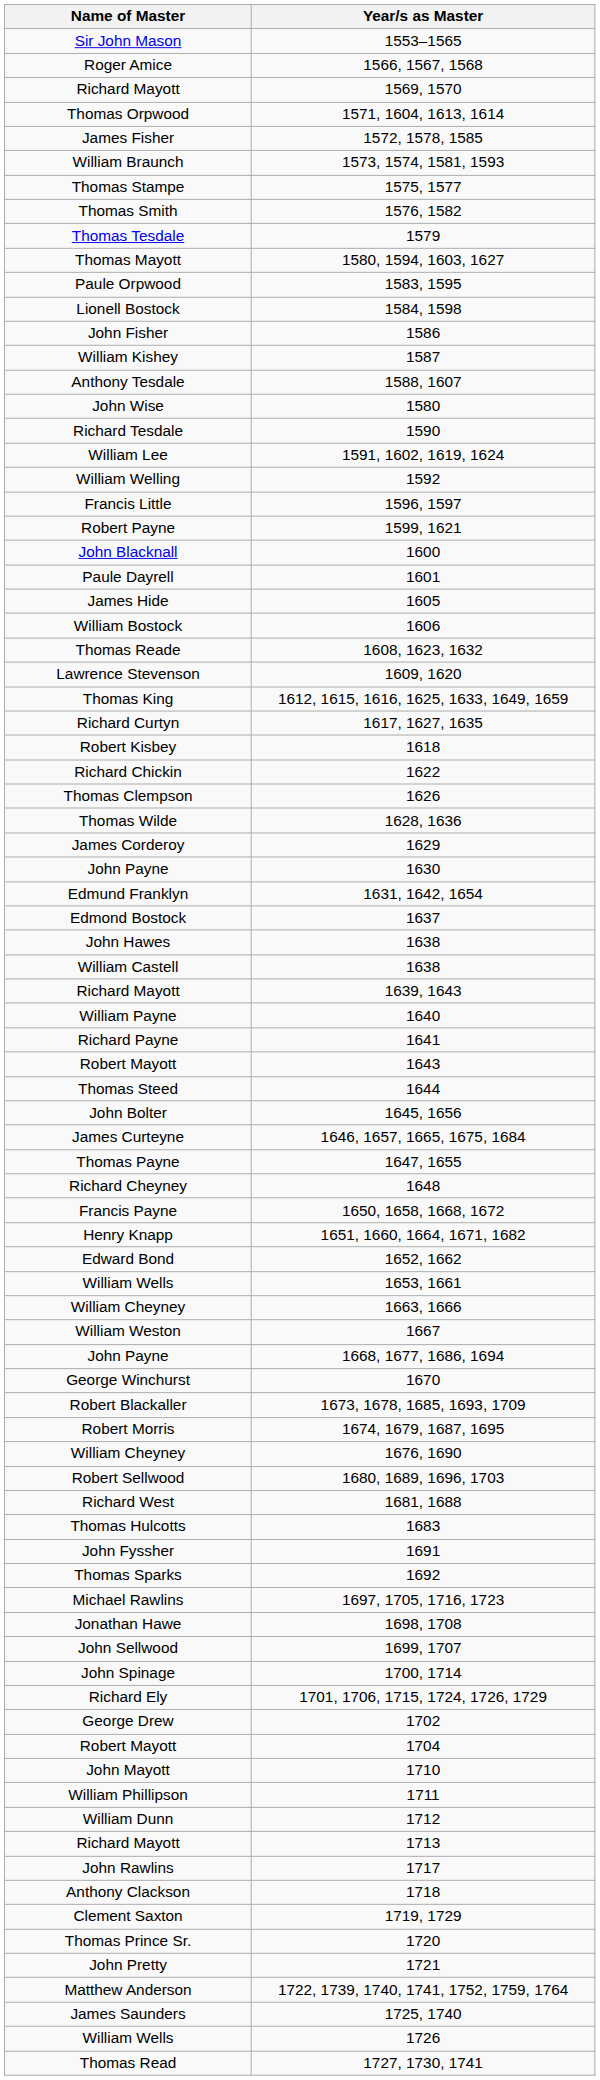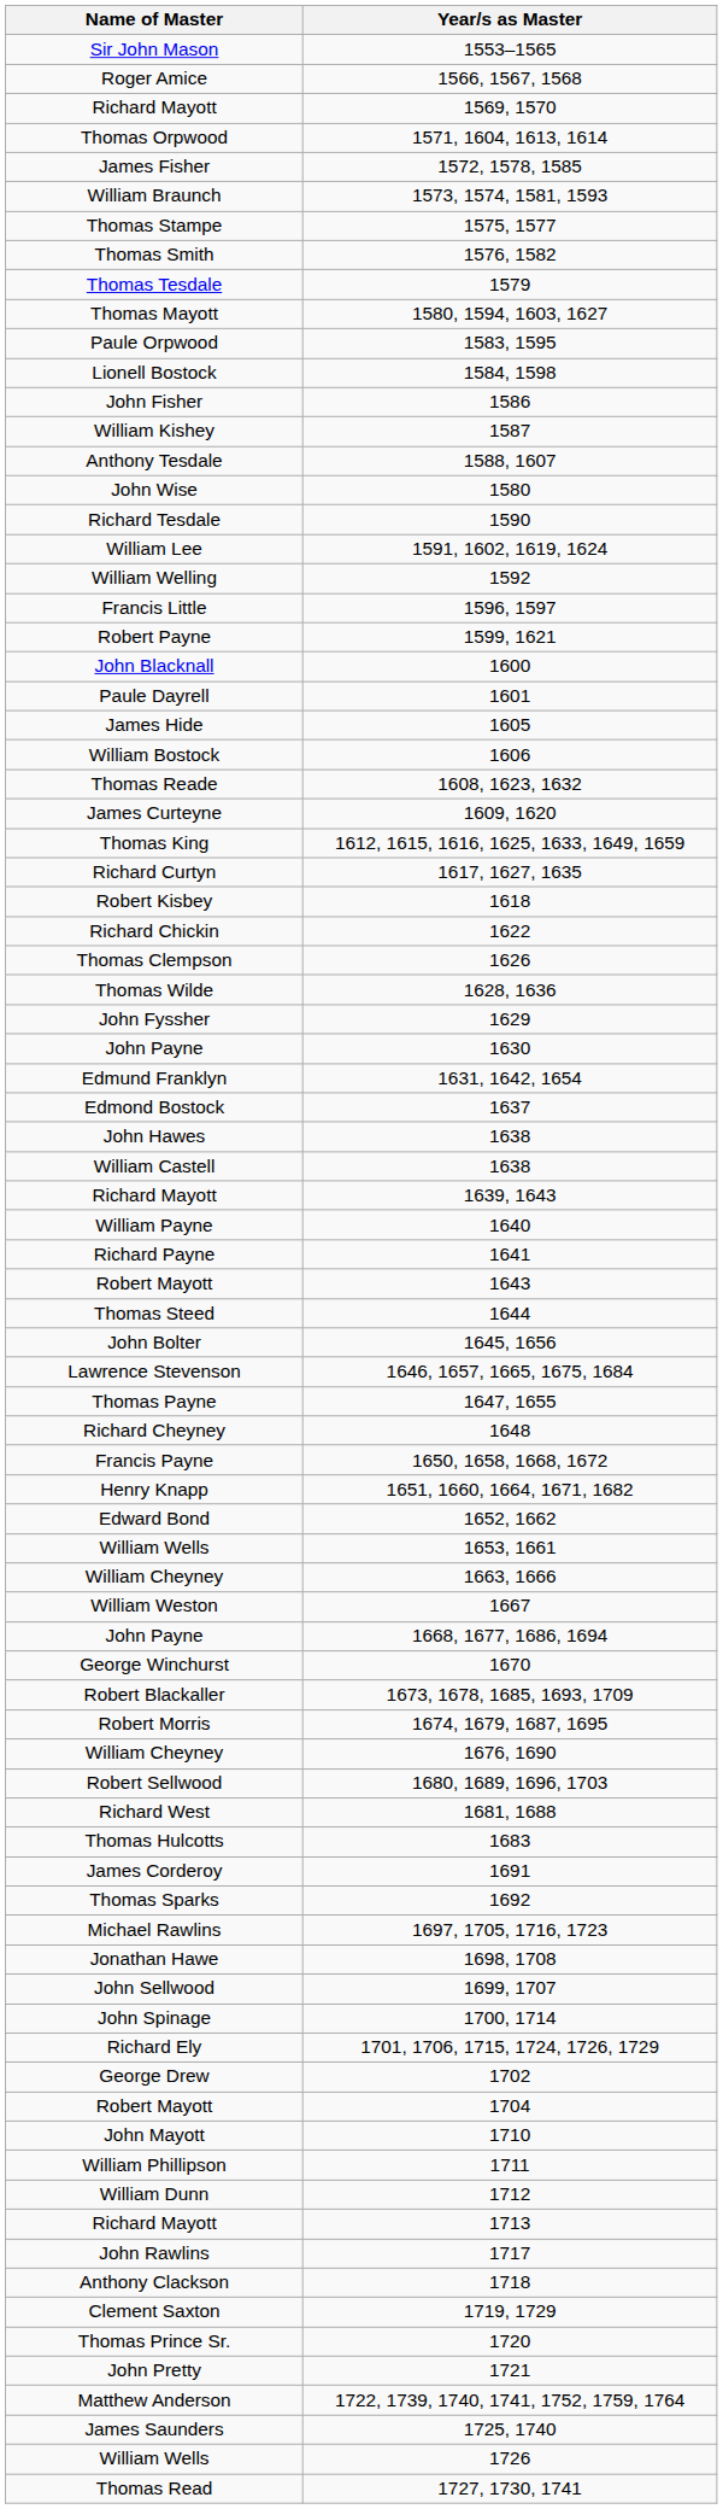 <table class="wikitable collapsible collapsed" style="text-align:center">
 <tr>
 <th width=250>Name of Master</th>
 <th width=350>Year/s as Master</th>
 </tr>
 <tr>
 <td><a href='#'>Sir John Mason</a></td>
 <td>1553–1565</td>
 </tr>
 <tr>
 <td>Roger Amice</td>
 <td>1566, 1567, 1568</td>
 </tr>
 <tr>
 <td>Richard Mayott</td>
 <td>1569, 1570</td>
 </tr>
 <tr>
 <td>Thomas Orpwood</td>
 <td>1571, 1604, 1613, 1614</td>
 </tr>
 <tr>
 <td>James Fisher</td>
 <td>1572, 1578, 1585</td>
 </tr>
 <tr>
 <td>William Braunch</td>
 <td>1573, 1574, 1581, 1593</td>
 </tr>
 <tr>
 <td>Thomas Stampe</td>
 <td>1575, 1577</td>
 </tr>
 <tr>
 <td>Thomas Smith</td>
 <td>1576, 1582</td>
 </tr>
 <tr>
 <td><a href='#'>Thomas Tesdale</a></td>
 <td>1579</td>
 </tr>
 <tr>
 <td>Thomas Mayott</td>
 <td>1580, 1594, 1603, 1627</td>
 </tr>
 <tr>
 <td>Paule Orpwood</td>
 <td>1583, 1595</td>
 </tr>
 <tr>
 <td>Lionell Bostock</td>
 <td>1584, 1598</td>
 </tr>
 <tr>
 <td>John Fisher</td>
 <td>1586</td>
 </tr>
 <tr>
 <td>William Kishey</td>
 <td>1587</td>
 </tr>
 <tr>
 <td>Anthony Tesdale</td>
 <td>1588, 1607</td>
 </tr>
 <tr>
 <td>John Wise</td>
 <td>1580</td>
 </tr>
 <tr>
 <td>Richard Tesdale</td>
 <td>1590</td>
 </tr>
 <tr>
 <td>William Lee</td>
 <td>1591, 1602, 1619, 1624</td>
 </tr>
 <tr>
 <td>William Welling</td>
 <td>1592</td>
 </tr>
 <tr>
 <td>Francis Little</td>
 <td>1596, 1597</td>
 </tr>
 <tr>
 <td>Robert Payne</td>
 <td>1599, 1621</td>
 </tr>
 <tr>
 <td><a href='#'>John Blacknall</a></td>
 <td>1600</td>
 </tr>
 <tr>
 <td>Paule Dayrell</td>
 <td>1601</td>
 </tr>
 <tr>
 <td>James Hide</td>
 <td>1605</td>
 </tr>
 <tr>
 <td>William Bostock</td>
 <td>1606</td>
 </tr>
 <tr>
 <td>Thomas Reade</td>
 <td>1608, 1623, 1632</td>
 </tr>
 <tr>
-<td>Lawrence Stevenson</td>
+<td>James Curteyne</td>
 <td>1609, 1620</td>
 </tr>
 <tr>
 <td>Thomas King</td>
 <td>1612, 1615, 1616, 1625, 1633, 1649, 1659</td>
 </tr>
 <tr>
 <td>Richard Curtyn</td>
 <td>1617, 1627, 1635</td>
 </tr>
 <tr>
 <td>Robert Kisbey</td>
 <td>1618</td>
 </tr>
 <tr>
 <td>Richard Chickin</td>
 <td>1622</td>
 </tr>
 <tr>
 <td>Thomas Clempson</td>
 <td>1626</td>
 </tr>
 <tr>
 <td>Thomas Wilde</td>
 <td>1628, 1636</td>
 </tr>
 <tr>
-<td>James Corderoy</td>
+<td>John Fyssher</td>
 <td>1629</td>
 </tr>
 <tr>
 <td>John Payne</td>
 <td>1630</td>
 </tr>
 <tr>
 <td>Edmund Franklyn</td>
 <td>1631, 1642, 1654</td>
 </tr>
 <tr>
 <td>Edmond Bostock</td>
 <td>1637</td>
 </tr>
 <tr>
 <td>John Hawes</td>
 <td>1638</td>
 </tr>
 <tr>
 <td>William Castell</td>
 <td>1638</td>
 </tr>
 <tr>
 <td>Richard Mayott</td>
 <td>1639, 1643</td>
 </tr>
 <tr>
 <td>William Payne</td>
 <td>1640</td>
 </tr>
 <tr>
 <td>Richard Payne</td>
 <td>1641</td>
 </tr>
 <tr>
 <td>Robert Mayott</td>
 <td>1643</td>
 </tr>
 <tr>
 <td>Thomas Steed</td>
 <td>1644</td>
 </tr>
 <tr>
 <td>John Bolter</td>
 <td>1645, 1656</td>
 </tr>
 <tr>
-<td>James Curteyne</td>
+<td>Lawrence Stevenson</td>
 <td>1646, 1657, 1665, 1675, 1684</td>
 </tr>
 <tr>
 <td>Thomas Payne</td>
 <td>1647, 1655</td>
 </tr>
 <tr>
 <td>Richard Cheyney</td>
 <td>1648</td>
 </tr>
 <tr>
 <td>Francis Payne</td>
 <td>1650, 1658, 1668, 1672</td>
 </tr>
 <tr>
 <td>Henry Knapp</td>
 <td>1651, 1660, 1664, 1671, 1682</td>
 </tr>
 <tr>
 <td>Edward Bond</td>
 <td>1652, 1662</td>
 </tr>
 <tr>
 <td>William Wells</td>
 <td>1653, 1661</td>
 </tr>
 <tr>
 <td>William Cheyney</td>
 <td>1663, 1666</td>
 </tr>
 <tr>
 <td>William Weston</td>
 <td>1667</td>
 </tr>
 <tr>
 <td>John Payne</td>
 <td>1668, 1677, 1686, 1694</td>
 </tr>
 <tr>
 <td>George Winchurst</td>
 <td>1670</td>
 </tr>
 <tr>
 <td>Robert Blackaller</td>
 <td>1673, 1678, 1685, 1693, 1709</td>
 </tr>
 <tr>
 <td>Robert Morris</td>
 <td>1674, 1679, 1687, 1695</td>
 </tr>
 <tr>
 <td>William Cheyney</td>
 <td>1676, 1690</td>
 </tr>
 <tr>
 <td>Robert Sellwood</td>
 <td>1680, 1689, 1696, 1703</td>
 </tr>
 <tr>
 <td>Richard West</td>
 <td>1681, 1688</td>
 </tr>
 <tr>
 <td>Thomas Hulcotts</td>
 <td>1683</td>
 </tr>
 <tr>
-<td>John Fyssher</td>
+<td>James Corderoy</td>
 <td>1691</td>
 </tr>
 <tr>
 <td>Thomas Sparks</td>
 <td>1692</td>
 </tr>
 <tr>
 <td>Michael Rawlins</td>
 <td>1697, 1705, 1716, 1723</td>
 </tr>
 <tr>
 <td>Jonathan Hawe</td>
 <td>1698, 1708</td>
 </tr>
 <tr>
 <td>John Sellwood</td>
 <td>1699, 1707</td>
 </tr>
 <tr>
 <td>John Spinage</td>
 <td>1700, 1714</td>
 </tr>
 <tr>
 <td>Richard Ely</td>
 <td>1701, 1706, 1715, 1724, 1726, 1729</td>
 </tr>
 <tr>
 <td>George Drew</td>
 <td>1702</td>
 </tr>
 <tr>
 <td>Robert Mayott</td>
 <td>1704</td>
 </tr>
 <tr>
 <td>John Mayott</td>
 <td>1710</td>
 </tr>
 <tr>
 <td>William Phillipson</td>
 <td>1711</td>
 </tr>
 <tr>
 <td>William Dunn</td>
 <td>1712</td>
 </tr>
 <tr>
 <td>Richard Mayott</td>
 <td>1713</td>
 </tr>
 <tr>
 <td>John Rawlins</td>
 <td>1717</td>
 </tr>
 <tr>
 <td>Anthony Clackson</td>
 <td>1718</td>
 </tr>
 <tr>
 <td>Clement Saxton</td>
 <td>1719, 1729</td>
 </tr>
 <tr>
 <td>Thomas Prince Sr.</td>
 <td>1720</td>
 </tr>
 <tr>
 <td>John Pretty</td>
 <td>1721</td>
 </tr>
 <tr>
 <td>Matthew Anderson</td>
 <td>1722, 1739, 1740, 1741, 1752, 1759, 1764</td>
 </tr>
 <tr>
 <td>James Saunders</td>
 <td>1725, 1740</td>
 </tr>
 <tr>
 <td>William Wells</td>
 <td>1726</td>
 </tr>
 <tr>
 <td>Thomas Read</td>
 <td>1727, 1730, 1741</td>
 </tr>
 </table>
